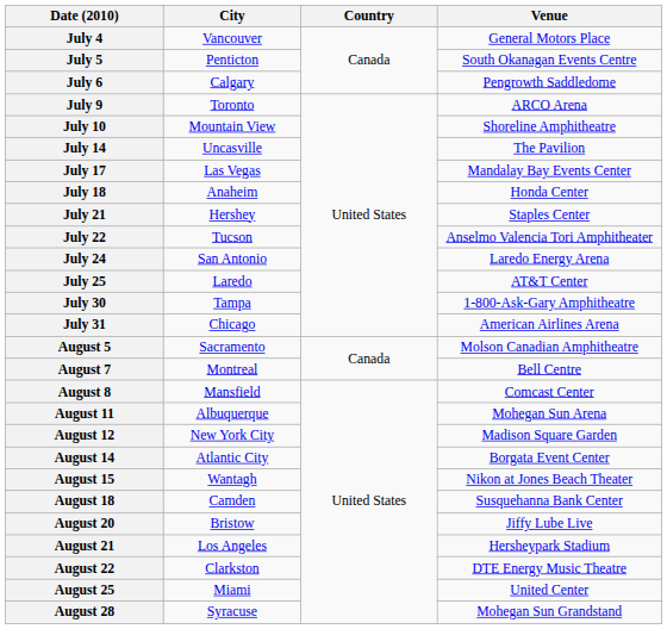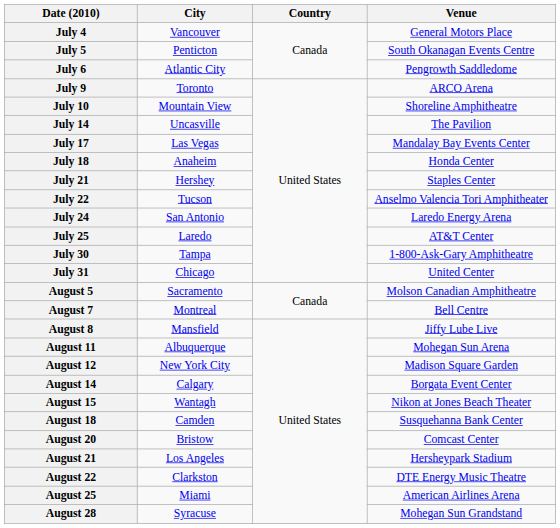 <table class="wikitable plainrowheaders" style="text-align:center;">
 <tr>
 <th width="175">Date (2010)</th>
 <th width="150">City</th>
 <th width="150">Country</th>
 <th width="250">Venue</th>
 </tr>
 <tr>
 <th scope="row">July 4</th>
 <td><a href='#'>Vancouver</a></td>
 <td rowspan="3">Canada</td>
 <td><a href='#'>General Motors Place</a></td>
 </tr>
 <tr>
 <th scope="row">July 5</th>
 <td><a href='#'>Penticton</a></td>
 <td><a href='#'>South Okanagan Events Centre</a></td>
 </tr>
 <tr>
 <th scope="row">July 6</th>
-<td><a href='#'>Calgary</a></td>
+<td><a href='#'>Atlantic City</a></td>
 <td><a href='#'>Pengrowth Saddledome</a></td>
 </tr>
 <tr>
 <th scope="row">July 9</th>
 <td><a href='#'>Toronto</a></td>
 <td rowspan="11">United States</td>
 <td><a href='#'>ARCO Arena</a></td>
 </tr>
 <tr>
 <th scope="row">July 10</th>
 <td><a href='#'>Mountain View</a></td>
 <td><a href='#'>Shoreline Amphitheatre</a></td>
 </tr>
 <tr>
 <th scope="row">July 14</th>
 <td><a href='#'>Uncasville</a></td>
 <td><a href='#'>The Pavilion</a></td>
 </tr>
 <tr>
 <th scope="row">July 17</th>
 <td><a href='#'>Las Vegas</a></td>
 <td><a href='#'>Mandalay Bay Events Center</a></td>
 </tr>
 <tr>
 <th scope="row">July 18</th>
 <td><a href='#'>Anaheim</a></td>
 <td><a href='#'>Honda Center</a></td>
 </tr>
 <tr>
 <th scope="row">July 21</th>
 <td><a href='#'>Hershey</a></td>
 <td><a href='#'>Staples Center</a></td>
 </tr>
 <tr>
 <th scope="row">July 22</th>
 <td><a href='#'>Tucson</a></td>
 <td><a href='#'>Anselmo Valencia Tori Amphitheater</a></td>
 </tr>
 <tr>
 <th scope="row">July 24</th>
 <td><a href='#'>San Antonio</a></td>
 <td><a href='#'>Laredo Energy Arena</a></td>
 </tr>
 <tr>
 <th scope="row">July 25</th>
 <td><a href='#'>Laredo</a></td>
 <td><a href='#'>AT&T Center</a></td>
 </tr>
 <tr>
 <th scope="row">July 30</th>
 <td><a href='#'>Tampa</a></td>
 <td><a href='#'>1-800-Ask-Gary Amphitheatre</a></td>
 </tr>
 <tr>
 <th scope="row">July 31</th>
 <td><a href='#'>Chicago</a></td>
-<td><a href='#'>American Airlines Arena</a></td>
+<td><a href='#'>United Center</a></td>
 </tr>
 <tr>
 <th scope="row">August 5</th>
 <td><a href='#'>Sacramento</a></td>
 <td rowspan="2">Canada</td>
 <td><a href='#'>Molson Canadian Amphitheatre</a></td>
 </tr>
 <tr>
 <th scope="row">August 7</th>
 <td><a href='#'>Montreal</a></td>
 <td><a href='#'>Bell Centre</a></td>
 </tr>
 <tr>
 <th scope="row">August 8</th>
 <td><a href='#'>Mansfield</a></td>
 <td rowspan="11">United States</td>
-<td><a href='#'>Comcast Center</a></td>
+<td><a href='#'>Jiffy Lube Live</a></td>
 </tr>
 <tr>
 <th scope="row">August 11</th>
 <td><a href='#'>Albuquerque</a></td>
 <td><a href='#'>Mohegan Sun Arena</a></td>
 </tr>
 <tr>
 <th scope="row">August 12</th>
 <td><a href='#'>New York City</a></td>
 <td><a href='#'>Madison Square Garden</a></td>
 </tr>
 <tr>
 <th scope="row">August 14</th>
-<td><a href='#'>Atlantic City</a></td>
+<td><a href='#'>Calgary</a></td>
 <td><a href='#'>Borgata Event Center</a></td>
 </tr>
 <tr>
 <th scope="row">August 15</th>
 <td><a href='#'>Wantagh</a></td>
 <td><a href='#'>Nikon at Jones Beach Theater</a></td>
 </tr>
 <tr>
 <th scope="row">August 18</th>
 <td><a href='#'>Camden</a></td>
 <td><a href='#'>Susquehanna Bank Center</a></td>
 </tr>
 <tr>
 <th scope="row">August 20</th>
 <td><a href='#'>Bristow</a></td>
-<td><a href='#'>Jiffy Lube Live</a></td>
+<td><a href='#'>Comcast Center</a></td>
 </tr>
 <tr>
 <th scope="row">August 21</th>
 <td><a href='#'>Los Angeles</a></td>
 <td><a href='#'>Hersheypark Stadium</a></td>
 </tr>
 <tr>
 <th scope="row">August 22</th>
 <td><a href='#'>Clarkston</a></td>
 <td><a href='#'>DTE Energy Music Theatre</a></td>
 </tr>
 <tr>
 <th scope="row">August 25</th>
 <td><a href='#'>Miami</a></td>
-<td><a href='#'>United Center</a></td>
+<td><a href='#'>American Airlines Arena</a></td>
 </tr>
 <tr>
 <th scope="row">August 28</th>
 <td><a href='#'>Syracuse</a></td>
 <td><a href='#'>Mohegan Sun Grandstand</a></td>
 </tr>
 </table>
